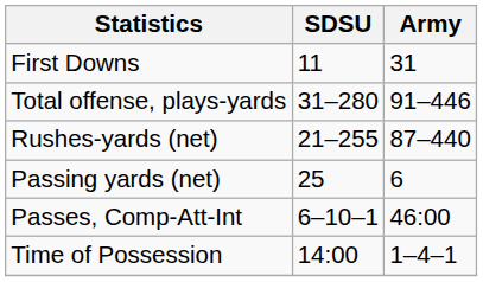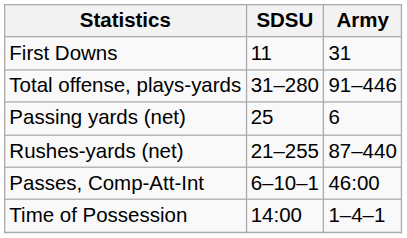 <table class="wikitable">
 <tr>
 <th>Statistics</th>
 <th>SDSU</th>
 <th>Army</th>
 </tr>
 <tr>
 <td>First Downs</td>
 <td>11</td>
 <td>31</td>
 </tr>
 <tr>
 <td>Total offense, plays-yards</td>
 <td>31–280</td>
 <td>91–446</td>
 </tr>
 <tr>
+<td>Passing yards (net)</td>
+<td>25</td>
+<td>6</td>
+</tr>
+<tr>
 <td>Rushes-yards (net)</td>
 <td>21–255</td>
 <td>87–440</td>
-</tr>
-<tr>
-<td>Passing yards (net)</td>
-<td>25</td>
-<td>6</td>
 </tr>
 <tr>
 <td>Passes, Comp-Att-Int</td>
 <td>6–10–1</td>
 <td>46:00</td>
 </tr>
 <tr>
 <td>Time of Possession</td>
 <td>14:00</td>
 <td>1–4–1</td>
 </tr>
 <tr>
 </tr>
 </table>
